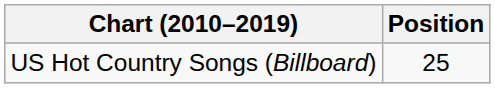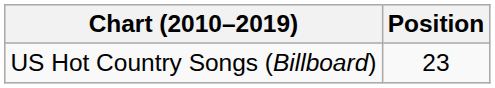 <table class="wikitable">
 <tr>
 <th>Chart (2010–2019)</th>
 <th>Position</th>
 </tr>
 <tr>
 <td>US Hot Country Songs (<em>Billboard</em>)</td>
-<td style="text-align:center;">25</td>
+<td style="text-align:center;">23</td>
 </tr>
 </table>
